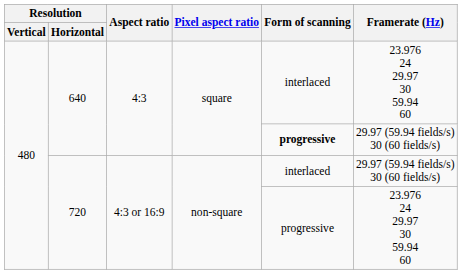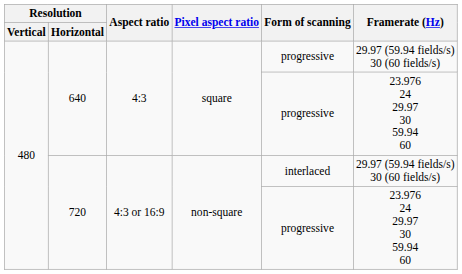 <table class="wikitable" style="text-align:center;">
 <tr style="background:#eee;">
 <th colspan="2">Resolution</th>
 <th rowspan="2">Aspect ratio</th>
 <th rowspan="2"><a href='#'>Pixel aspect ratio</a></th>
 <th rowspan="2">Form of scanning</th>
 <th rowspan="2">Framerate (<a href='#'>Hz</a>)</th>
 </tr>
 <tr style="background:#eee;">
 <th>Vertical</th>
 <th>Horizontal</th>
 </tr>
 <tr>
 <td rowspan="4">480</td>
 <td rowspan="2">640</td>
 <td rowspan="2">4:3</td>
 <td rowspan="2">square</td>
-<td>interlaced</td>
-<td>23.976<br>24<br>29.97<br>30<br>59.94<br>60</td>
+<td>progressive</td>
+<td>29.97 (59.94 fields/s)<br>30 (60 fields/s)</td>
 </tr>
 <tr>
-<td><strong>progressive</strong></td>
-<td>29.97 (59.94 fields/s)<br>30 (60 fields/s)</td>
+<td>progressive</td>
+<td>23.976<br>24<br>29.97<br>30<br>59.94<br>60</td>
 </tr>
 <tr>
 <td rowspan="2">720</td>
 <td rowspan="2">4:3 or 16:9</td>
 <td rowspan="2">non-square</td>
 <td>interlaced</td>
 <td>29.97 (59.94 fields/s)<br>30 (60 fields/s)</td>
 </tr>
 <tr>
 <td>progressive</td>
 <td>23.976<br>24<br>29.97<br>30<br>59.94<br>60</td>
 </tr>
 </table>
